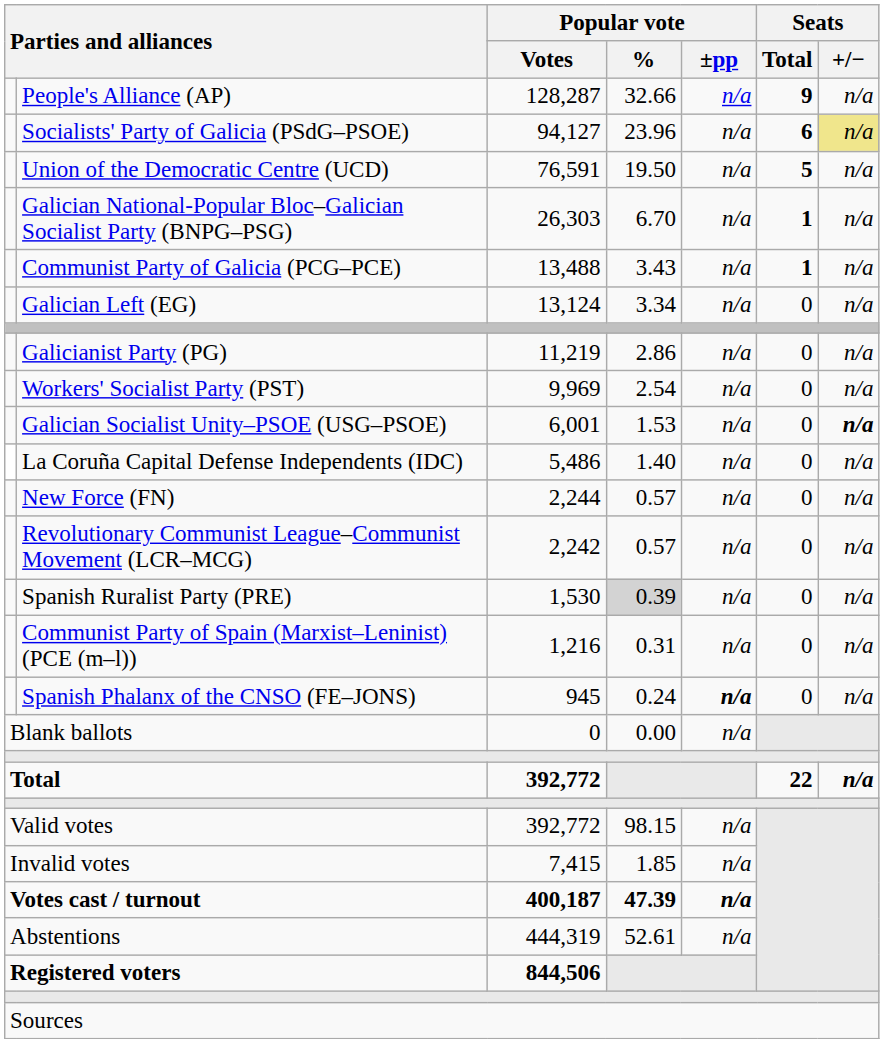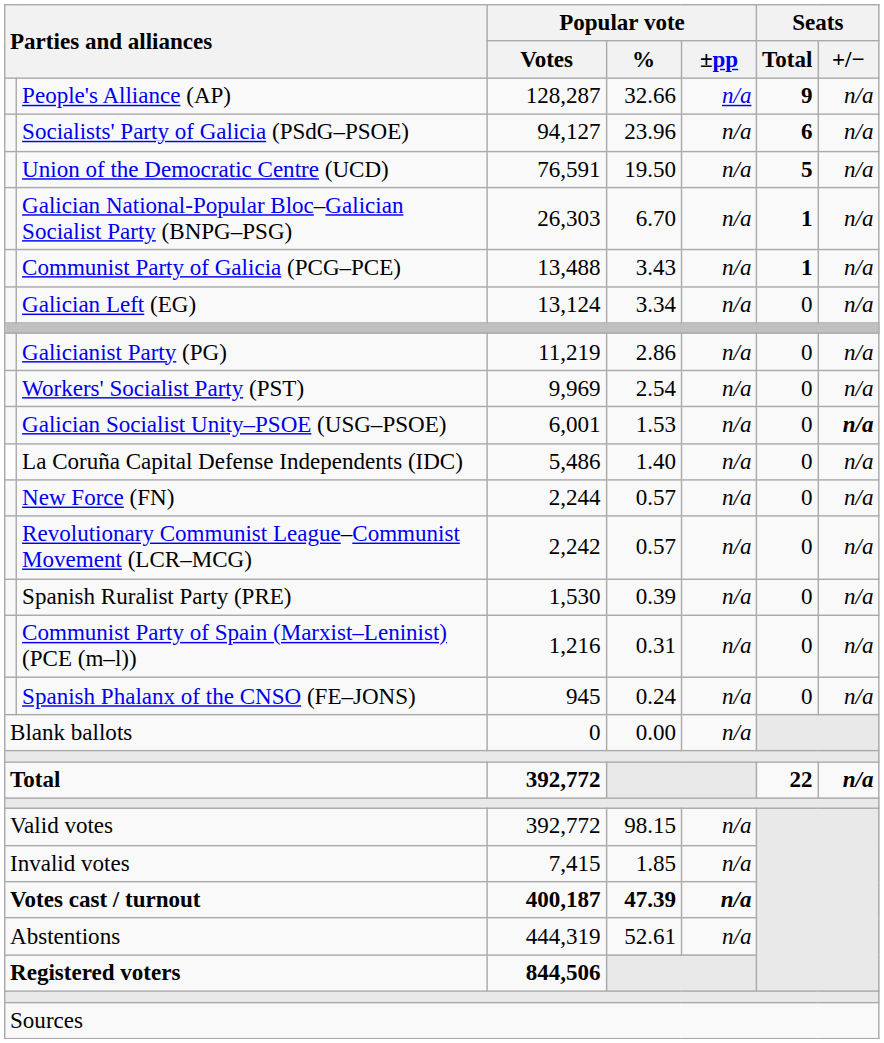 <table class="wikitable" style="text-align:right;">
 <tr>
 <th style="text-align:left;" rowspan="2" colspan="2" width="525">Parties and alliances</th>
 <th colspan="3">Popular vote</th>
 <th colspan="2">Seats</th>
 </tr>
 <tr>
 <th width="75">Votes</th>
 <th width="45">%</th>
 <th width="45">±<a href='#'>pp</a></th>
 <th width="35">Total</th>
 <th width="35">+/−</th>
 </tr>
 <tr>
 <td width="1" style="color:inherit;background:"></td>
 <td align="left"><a href='#'>People's Alliance</a> (AP)</td>
 <td>128,287</td>
 <td>32.66</td>
 <td><em><a href='#'>n/a</a></em></td>
 <td><strong>9</strong></td>
 <td><em>n/a</em></td>
 </tr>
 <tr>
 <td style="color:inherit;background:"></td>
 <td align="left"><a href='#'>Socialists' Party of Galicia</a> (PSdG–PSOE)</td>
 <td>94,127</td>
 <td>23.96</td>
 <td><em>n/a</em></td>
 <td><strong>6</strong></td>
-<td style="background: khaki;"><em>n/a</em></td>
+<td><em>n/a</em></td>
 </tr>
 <tr>
 <td style="color:inherit;background:"></td>
 <td align="left"><a href='#'>Union of the Democratic Centre</a> (UCD)</td>
 <td>76,591</td>
 <td>19.50</td>
 <td><em>n/a</em></td>
 <td><strong>5</strong></td>
 <td><em>n/a</em></td>
 </tr>
 <tr>
 <td style="color:inherit;background:"></td>
 <td align="left"><a href='#'>Galician National-Popular Bloc</a>–<a href='#'>Galician Socialist Party</a> (BNPG–PSG)</td>
 <td>26,303</td>
 <td>6.70</td>
 <td><em>n/a</em></td>
 <td><strong>1</strong></td>
 <td><em>n/a</em></td>
 </tr>
 <tr>
 <td style="color:inherit;background:"></td>
 <td align="left"><a href='#'>Communist Party of Galicia</a> (PCG–PCE)</td>
 <td>13,488</td>
 <td>3.43</td>
 <td><em>n/a</em></td>
 <td><strong>1</strong></td>
 <td><em>n/a</em></td>
 </tr>
 <tr>
 <td style="color:inherit;background:"></td>
 <td align="left"><a href='#'>Galician Left</a> (EG)</td>
 <td>13,124</td>
 <td>3.34</td>
 <td><em>n/a</em></td>
 <td>0</td>
 <td><em>n/a</em></td>
 </tr>
 <tr>
 <td colspan="7" bgcolor="#C0C0C0"></td>
 </tr>
 <tr>
 <td style="color:inherit;background:"></td>
 <td align="left"><a href='#'>Galicianist Party</a> (PG)</td>
 <td>11,219</td>
 <td>2.86</td>
 <td><em>n/a</em></td>
 <td>0</td>
 <td><em>n/a</em></td>
 </tr>
 <tr>
 <td style="color:inherit;background:"></td>
 <td align="left"><a href='#'>Workers' Socialist Party</a> (PST)</td>
 <td>9,969</td>
 <td>2.54</td>
 <td><em>n/a</em></td>
 <td>0</td>
 <td><em>n/a</em></td>
 </tr>
 <tr>
 <td style="color:inherit;background:"></td>
 <td align="left"><a href='#'>Galician Socialist Unity–PSOE</a> (USG–PSOE)</td>
 <td>6,001</td>
 <td>1.53</td>
 <td><em>n/a</em></td>
 <td>0</td>
 <td><strong><em>n/a</em></strong></td>
 </tr>
 <tr>
 <td bgcolor="white"></td>
 <td align="left">La Coruña Capital Defense Independents (IDC)</td>
 <td>5,486</td>
 <td>1.40</td>
 <td><em>n/a</em></td>
 <td>0</td>
 <td><em>n/a</em></td>
 </tr>
 <tr>
 <td style="color:inherit;background:"></td>
 <td align="left"><a href='#'>New Force</a> (FN)</td>
 <td>2,244</td>
 <td>0.57</td>
 <td><em>n/a</em></td>
 <td>0</td>
 <td><em>n/a</em></td>
 </tr>
 <tr>
 <td style="color:inherit;background:"></td>
 <td align="left"><a href='#'>Revolutionary Communist League</a>–<a href='#'>Communist Movement</a> (LCR–MCG)</td>
 <td>2,242</td>
 <td>0.57</td>
 <td><em>n/a</em></td>
 <td>0</td>
 <td><em>n/a</em></td>
 </tr>
 <tr>
 <td style="color:inherit;background:"></td>
 <td align="left">Spanish Ruralist Party (PRE)</td>
 <td>1,530</td>
-<td style="background: lightgrey;">0.39</td>
+<td>0.39</td>
 <td><em>n/a</em></td>
 <td>0</td>
 <td><em>n/a</em></td>
 </tr>
 <tr>
 <td style="color:inherit;background:"></td>
 <td align="left"><a href='#'>Communist Party of Spain (Marxist–Leninist)</a> (PCE (m–l))</td>
 <td>1,216</td>
 <td>0.31</td>
 <td><em>n/a</em></td>
 <td>0</td>
 <td><em>n/a</em></td>
 </tr>
 <tr>
 <td style="color:inherit;background:"></td>
 <td align="left"><a href='#'>Spanish Phalanx of the CNSO</a> (FE–JONS)</td>
 <td>945</td>
 <td>0.24</td>
-<td><strong><em>n/a</em></strong></td>
+<td><em>n/a</em></td>
 <td>0</td>
 <td><em>n/a</em></td>
 </tr>
 <tr>
 <td align="left" colspan="2">Blank ballots</td>
 <td>0</td>
 <td>0.00</td>
 <td><em>n/a</em></td>
 <td bgcolor="#E9E9E9" colspan="2"></td>
 </tr>
 <tr>
 <td colspan="7" bgcolor="#E9E9E9"></td>
 </tr>
 <tr style="font-weight:bold;">
 <td align="left" colspan="2">Total</td>
 <td>392,772</td>
 <td bgcolor="#E9E9E9" colspan="2"></td>
 <td>22</td>
 <td><em>n/a</em></td>
 </tr>
 <tr>
 <td colspan="7" bgcolor="#E9E9E9"></td>
 </tr>
 <tr>
 <td align="left" colspan="2">Valid votes</td>
 <td>392,772</td>
 <td>98.15</td>
 <td><em>n/a</em></td>
 <td bgcolor="#E9E9E9" colspan="2" rowspan="5"></td>
 </tr>
 <tr>
 <td align="left" colspan="2">Invalid votes</td>
 <td>7,415</td>
 <td>1.85</td>
 <td><em>n/a</em></td>
 </tr>
 <tr style="font-weight:bold;">
 <td align="left" colspan="2">Votes cast / turnout</td>
 <td>400,187</td>
 <td>47.39</td>
 <td><em>n/a</em></td>
 </tr>
 <tr>
 <td align="left" colspan="2">Abstentions</td>
 <td>444,319</td>
 <td>52.61</td>
 <td><em>n/a</em></td>
 </tr>
 <tr style="font-weight:bold;">
 <td align="left" colspan="2">Registered voters</td>
 <td>844,506</td>
 <td bgcolor="#E9E9E9" colspan="2"></td>
 </tr>
 <tr>
 <td colspan="7" bgcolor="#E9E9E9"></td>
 </tr>
 <tr>
 <td align="left" colspan="7">Sources</td>
 </tr>
 </table>
